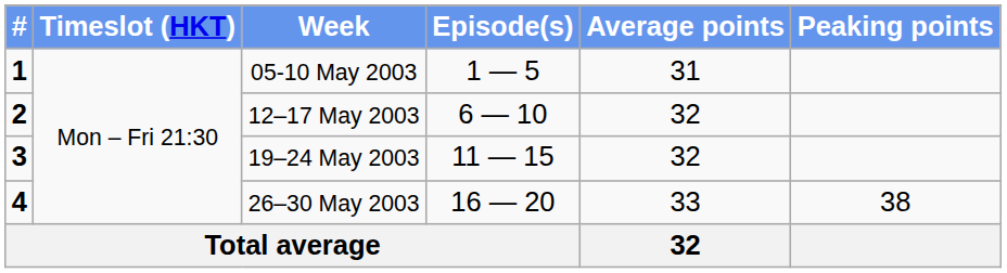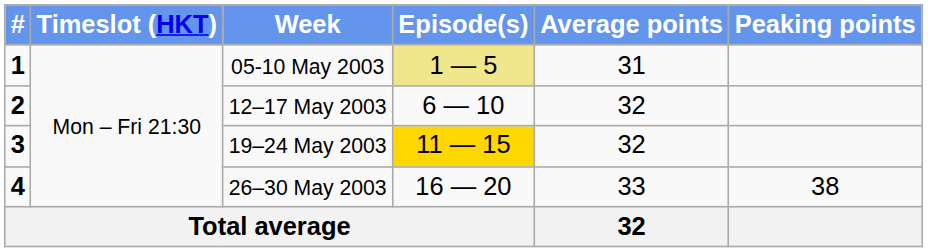 <table class="wikitable">
 <tr style="background:cornflowerblue; color:white" align="center">
 </tr>
 <tr>
 <th style="background:cornflowerblue; color:white" align="center">#</th>
 <th style="background:cornflowerblue; color:white" align="center">Timeslot (<a href='#'>HKT</a>)</th>
 <th style="background:cornflowerblue; color:white" align="center">Week</th>
 <th style="background:cornflowerblue; color:white" align="center">Episode(s)</th>
 <th style="background:cornflowerblue; color:white" align="center">Average points</th>
 <th style="background:cornflowerblue; color:white" align="center">Peaking points</th>
 </tr>
 <tr>
 <td style="text-align:center;"><strong>1</strong></td>
 <td rowspan="4" style="text-align:center;"><small>Mon – Fri 21:30</small></td>
 <td style="text-align:center;"><small>05-10 May 2003</small></td>
-<td style="text-align:center;">1 — 5</td>
+<td style="background: khaki; text-align:center;">1 — 5</td>
 <td style="text-align:center;">31</td>
 <td></td>
 </tr>
 <tr>
 <td style="text-align:center;"><strong>2</strong></td>
 <td style="text-align:center;"><small>12–17 May 2003</small></td>
 <td style="text-align:center;">6 — 10</td>
 <td style="text-align:center;">32</td>
 <td></td>
 </tr>
 <tr>
 <td style="text-align:center;"><strong>3</strong></td>
 <td style="text-align:center;"><small>19–24 May 2003</small></td>
-<td style="text-align:center;">11 — 15</td>
+<td style="background: gold; text-align:center;">11 — 15</td>
 <td style="text-align:center;">32</td>
 <td></td>
 </tr>
 <tr>
 <td style="text-align:center;"><strong>4</strong></td>
 <td style="text-align:center;"><small>26–30 May 2003</small></td>
 <td style="text-align:center;">16 — 20</td>
 <td style="text-align:center;">33</td>
 <td style="text-align:center;">38</td>
 </tr>
 <tr>
 <th colspan="4"><strong>Total average</strong></th>
 <th><strong>32</strong></th>
 <th></th>
 </tr>
 </table>
